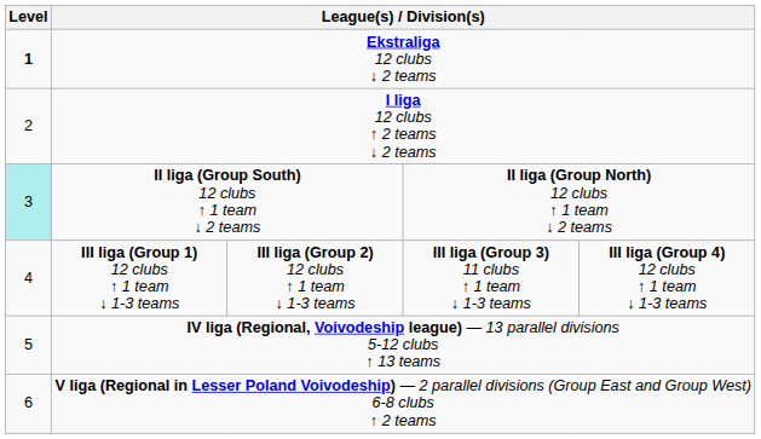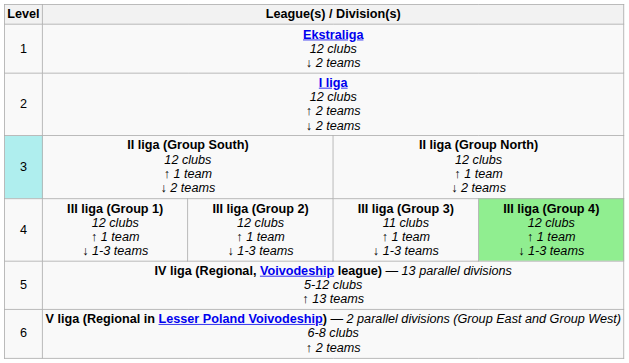 <table class="wikitable" style="text-align: center;">
 <tr>
 <th>Level</th>
 <th colspan="4">League(s) / Division(s)</th>
 </tr>
 <tr>
-<td><strong>1</strong></td>
+<td>1</td>
 <td colspan="4"><strong><a href='#'>Ekstraliga</a></strong><br><em>12 clubs</em><br><em>↓ 2 teams</em></td>
 </tr>
 <tr>
 <td>2</td>
 <td colspan="4"><strong><a href='#'>I liga</a></strong><br><em>12 clubs</em><br><em>↑ 2 teams</em><br><em>↓ 2 teams</em></td>
 </tr>
 <tr>
 <td style="background: paleturquoise;">3</td>
 <td colspan="2"><strong>II liga (Group South)</strong><br><em>12 clubs</em><br><em>↑ 1 team</em><br><em>↓ 2 teams</em></td>
 <td colspan="2"><strong>II liga (Group North)</strong><br><em>12 clubs</em><br><em>↑ 1 team</em><br><em>↓ 2 teams</em></td>
 </tr>
 <tr>
 <td>4</td>
 <td><strong>III liga (Group 1)</strong><br><em>12 clubs</em><br><em>↑ 1 team</em><br><em>↓ 1-3 teams</em></td>
 <td><strong>III liga (Group 2)</strong><br><em>12 clubs</em><br><em>↑ 1 team</em><br><em>↓ 1-3 teams</em></td>
 <td><strong>III liga (Group 3)</strong><br><em>11 clubs</em><br><em>↑ 1 team</em><br><em>↓ 1-3 teams</em></td>
-<td><strong>III liga (Group 4)</strong><br><em>12 clubs</em><br><em>↑ 1 team</em><br><em>↓ 1-3 teams</em></td>
+<td style="background: lightgreen;"><strong>III liga (Group 4)</strong><br><em>12 clubs</em><br><em>↑ 1 team</em><br><em>↓ 1-3 teams</em></td>
 </tr>
 <tr>
 <td>5</td>
 <td colspan="4"><strong>IV liga (Regional, <a href='#'>Voivodeship</a> league)</strong> — <em>13 parallel divisions</em><br><em>5-12 clubs</em><br><em>↑ 13 teams</em></td>
 </tr>
 <tr>
 <td>6</td>
 <td colspan="4"><strong>V liga (Regional in <a href='#'>Lesser Poland Voivodeship</a>)</strong> — <em>2 parallel divisions (Group East and Group West)</em><br><em>6-8 clubs</em><br><em>↑ 2 teams</em></td>
 </tr>
 </table>
